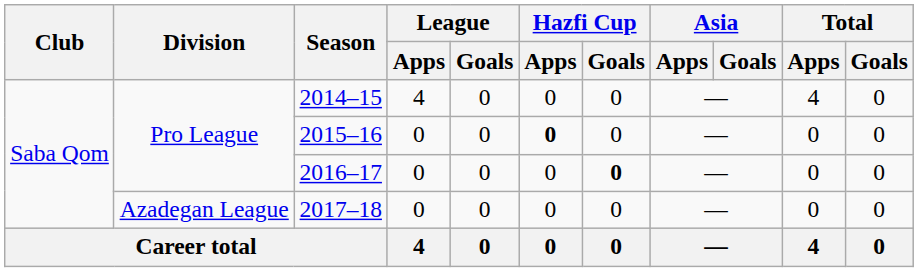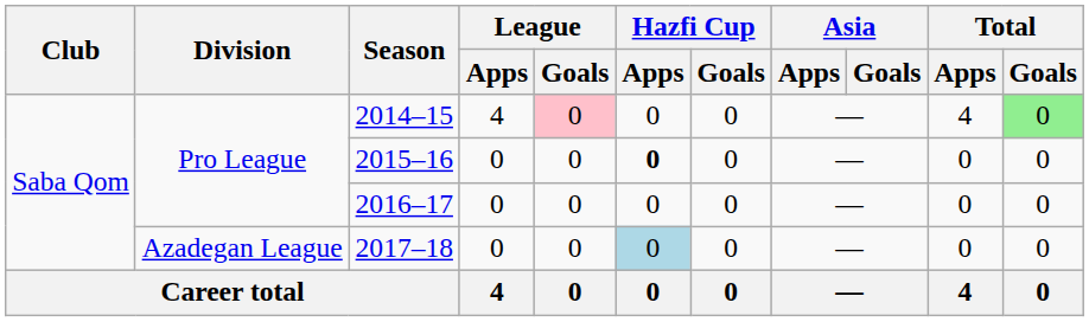 <table class="wikitable" style="text-align: center;">
 <tr>
 <th rowspan="2">Club</th>
 <th rowspan="2">Division</th>
 <th rowspan="2">Season</th>
 <th colspan="2">League</th>
 <th colspan="2"><a href='#'>Hazfi Cup</a></th>
 <th colspan="2"><a href='#'>Asia</a></th>
 <th colspan="2">Total</th>
 </tr>
 <tr>
 <th>Apps</th>
 <th>Goals</th>
 <th>Apps</th>
 <th>Goals</th>
 <th>Apps</th>
 <th>Goals</th>
 <th>Apps</th>
 <th>Goals</th>
 </tr>
 <tr>
 <td rowspan="4"><a href='#'>Saba Qom</a></td>
 <td rowspan="3"><a href='#'>Pro League</a></td>
 <td><a href='#'>2014–15</a></td>
 <td>4</td>
-<td>0</td>
+<td style="background: pink;">0</td>
 <td>0</td>
 <td>0</td>
 <td colspan=2>—</td>
 <td>4</td>
-<td>0</td>
+<td style="background: lightgreen;">0</td>
 </tr>
 <tr>
 <td><a href='#'>2015–16</a></td>
 <td>0</td>
 <td>0</td>
 <td><strong>0</strong></td>
 <td>0</td>
 <td colspan=2>—</td>
 <td>0</td>
 <td>0</td>
 </tr>
 <tr>
 <td><a href='#'>2016–17</a></td>
 <td>0</td>
 <td>0</td>
 <td>0</td>
-<td><strong>0</strong></td>
+<td>0</td>
 <td colspan=2>—</td>
 <td>0</td>
 <td>0</td>
 </tr>
 <tr>
 <td rowspan="1"><a href='#'>Azadegan League</a></td>
 <td><a href='#'>2017–18</a></td>
 <td>0</td>
 <td>0</td>
-<td>0</td>
+<td style="background: lightblue;">0</td>
 <td>0</td>
 <td colspan=2>—</td>
 <td>0</td>
 <td>0</td>
 </tr>
 <tr>
 <th colspan=3>Career total</th>
 <th>4</th>
 <th>0</th>
 <th>0</th>
 <th>0</th>
 <th colspan=2>—</th>
 <th>4</th>
 <th>0</th>
 </tr>
 </table>
